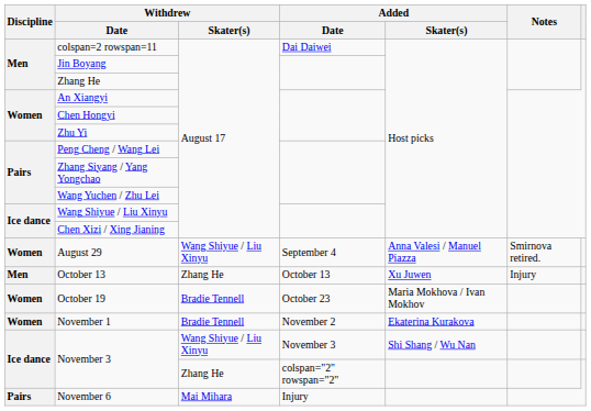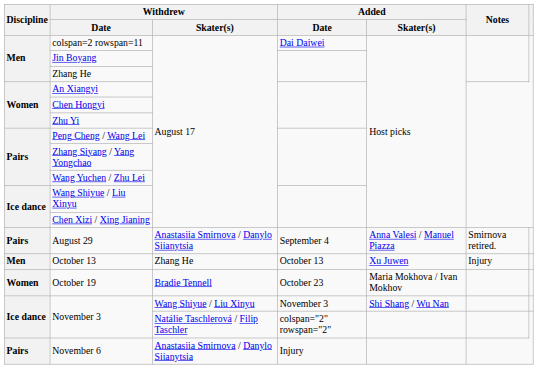 <table class="wikitable unsortable">
 <tr>
 <th scope="col" rowspan=2>Discipline</th>
 <th scope="col" colspan=2>Withdrew</th>
 <th scope="col" colspan=2>Added</th>
 <th scope="col" rowspan=2>Notes</th>
 <th scope="col" rowspan=2></th>
 </tr>
 <tr>
 <th>Date</th>
 <th>Skater(s)</th>
 <th>Date</th>
 <th>Skater(s)</th>
 </tr>
 <tr>
 <th scope="row" style="text-align:left" rowspan=3>Men</th>
 <td>colspan=2 rowspan=11 </td>
 <td rowspan=11>August 17</td>
 <td> <a href='#'>Dai Daiwei</a></td>
 <td rowspan=11>Host picks</td>
 <td rowspan=3></td>
 </tr>
 <tr>
 <td> <a href='#'>Jin Boyang</a></td>
 </tr>
 <tr>
 <td> Zhang He</td>
 </tr>
 <tr>
 <th scope="row" style="text-align:left" rowspan=3>Women</th>
 <td> <a href='#'>An Xiangyi</a></td>
 <td rowspan=3></td>
 </tr>
 <tr>
 <td> <a href='#'>Chen Hongyi</a></td>
 </tr>
 <tr>
 <td> <a href='#'>Zhu Yi</a></td>
 </tr>
 <tr>
 <th scope="row" style="text-align:left" rowspan=3>Pairs</th>
 <td> <a href='#'>Peng Cheng</a> / <a href='#'>Wang Lei</a></td>
 <td rowspan=3></td>
 </tr>
 <tr>
 <td> <a href='#'>Zhang Siyang</a> / <a href='#'>Yang Yongchao</a></td>
 </tr>
 <tr>
 <td> <a href='#'>Wang Yuchen</a> / <a href='#'>Zhu Lei</a></td>
 </tr>
 <tr>
 <th scope="row" style="text-align:left" rowspan=2>Ice dance</th>
 <td> <a href='#'>Wang Shiyue</a> / <a href='#'>Liu Xinyu</a></td>
 <td rowspan=2></td>
 </tr>
 <tr>
 <td> <a href='#'>Chen Xizi</a> / <a href='#'>Xing Jianing</a></td>
 </tr>
 <tr>
-<th scope="row" style="text-align:left">Women</th>
+<th scope="row" style="text-align:left">Pairs</th>
 <td>August 29</td>
-<td> <a href='#'>Wang Shiyue</a> / <a href='#'>Liu Xinyu</a></td>
+<td> <a href='#'>Anastasiia Smirnova</a> / <a href='#'>Danylo Siianytsia</a></td>
 <td>September 4</td>
 <td> <a href='#'>Anna Valesi</a> / <a href='#'>Manuel Piazza</a></td>
 <td>Smirnova retired.</td>
 <td></td>
 </tr>
 <tr>
 <th scope="row" style="text-align:left">Men</th>
 <td>October 13</td>
 <td> Zhang He</td>
 <td>October 13</td>
 <td> <a href='#'>Xu Juwen</a></td>
 <td>Injury</td>
 <td></td>
 </tr>
 <tr>
 <th scope="row" style="text-align:left">Women</th>
 <td>October 19</td>
 <td> <a href='#'>Bradie Tennell</a></td>
 <td>October 23</td>
 <td> Maria Mokhova / Ivan Mokhov</td>
 <td></td>
 <td></td>
 </tr>
 <tr>
-<th scope="row" style="text-align:left">Women</th>
-<td>November 1</td>
-<td> <a href='#'>Bradie Tennell</a></td>
-<td>November 2</td>
-<td> <a href='#'>Ekaterina Kurakova</a></td>
-<td></td>
-<td></td>
-</tr>
-<tr>
 <th scope="row" style="text-align:left" rowspan="2">Ice dance</th>
 <td rowspan="2">November 3</td>
 <td> <a href='#'>Wang Shiyue</a> / <a href='#'>Liu Xinyu</a></td>
 <td>November 3</td>
 <td> <a href='#'>Shi Shang</a> / <a href='#'>Wu Nan</a></td>
 <td></td>
 <td></td>
 </tr>
 <tr>
-<td> Zhang He</td>
+<td> <a href='#'>Natálie Taschlerová</a> / <a href='#'>Filip Taschler</a></td>
 <td>colspan="2" rowspan="2" </td>
 <td></td>
 <td></td>
 </tr>
 <tr>
 <th scope="row" style="text-align:left">Pairs</th>
 <td>November 6</td>
-<td> <a href='#'>Mai Mihara</a></td>
+<td> <a href='#'>Anastasiia Smirnova</a> / <a href='#'>Danylo Siianytsia</a></td>
 <td>Injury</td>
 <td></td>
 </tr>
 </table>
